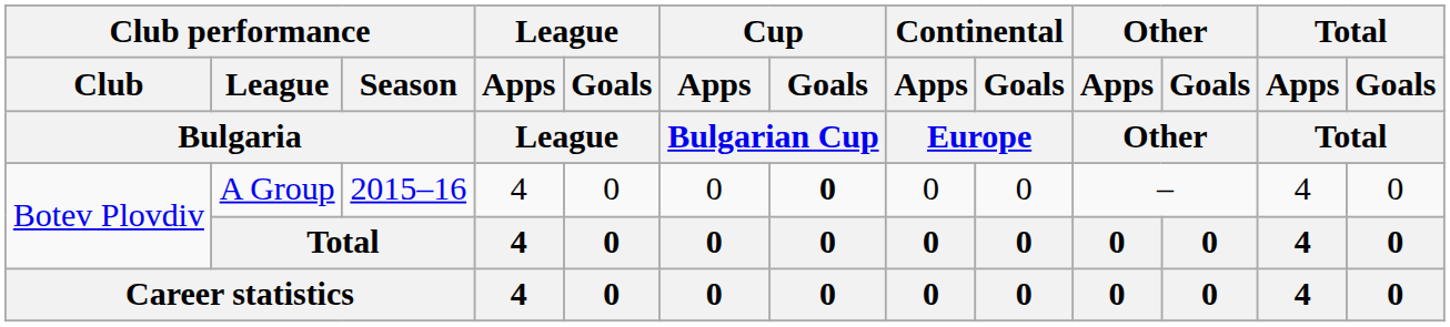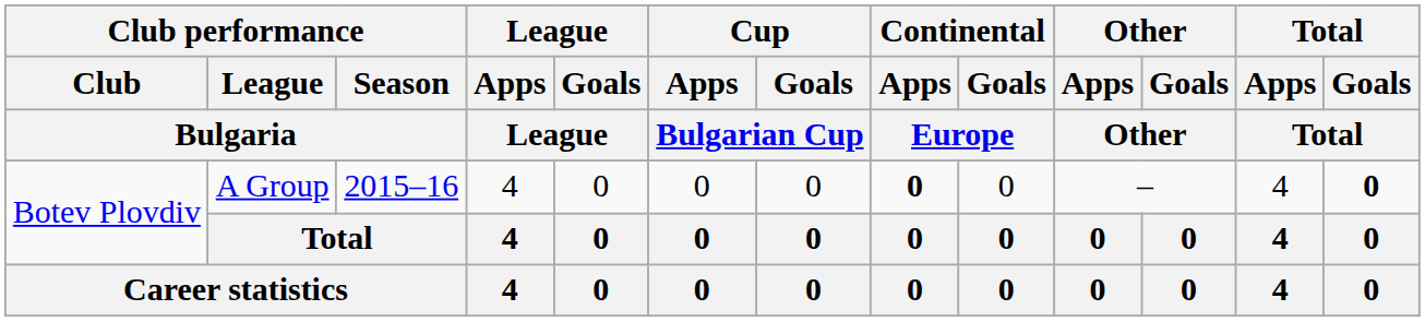 <table class="wikitable" style="text-align: center">
 <tr>
 <th Colspan="3">Club performance</th>
 <th Colspan="2">League</th>
 <th Colspan="2">Cup</th>
 <th Colspan="2">Continental</th>
 <th Colspan="2">Other</th>
 <th Colspan="3">Total</th>
 </tr>
 <tr>
 <th>Club</th>
 <th>League</th>
 <th>Season</th>
 <th>Apps</th>
 <th>Goals</th>
 <th>Apps</th>
 <th>Goals</th>
 <th>Apps</th>
 <th>Goals</th>
 <th>Apps</th>
 <th>Goals</th>
 <th>Apps</th>
 <th>Goals</th>
 </tr>
 <tr>
 <th Colspan="3">Bulgaria</th>
 <th Colspan="2">League</th>
 <th Colspan="2"><a href='#'>Bulgarian Cup</a></th>
 <th Colspan="2"><a href='#'>Europe</a></th>
 <th Colspan="2">Other</th>
 <th Colspan="2">Total</th>
 </tr>
 <tr>
 <td rowspan="2" valign="center"><a href='#'>Botev Plovdiv</a></td>
 <td rowspan="1"><a href='#'>A Group</a></td>
 <td><a href='#'>2015–16</a></td>
 <td>4</td>
 <td>0</td>
 <td>0</td>
+<td>0</td>
 <td><strong>0</strong></td>
-<td>0</td>
 <td>0</td>
 <td colspan="2">–</td>
 <td>4</td>
-<td>0</td>
+<td><strong>0</strong></td>
 </tr>
 <tr>
 <th colspan=2>Total</th>
 <th>4</th>
 <th>0</th>
 <th>0</th>
 <th>0</th>
 <th>0</th>
 <th>0</th>
 <th>0</th>
 <th>0</th>
 <th>4</th>
 <th>0</th>
 </tr>
 <tr>
 <th colspan="3">Career statistics</th>
 <th>4</th>
 <th>0</th>
 <th>0</th>
 <th>0</th>
 <th>0</th>
 <th>0</th>
 <th>0</th>
 <th>0</th>
 <th>4</th>
 <th>0</th>
 </tr>
 </table>
